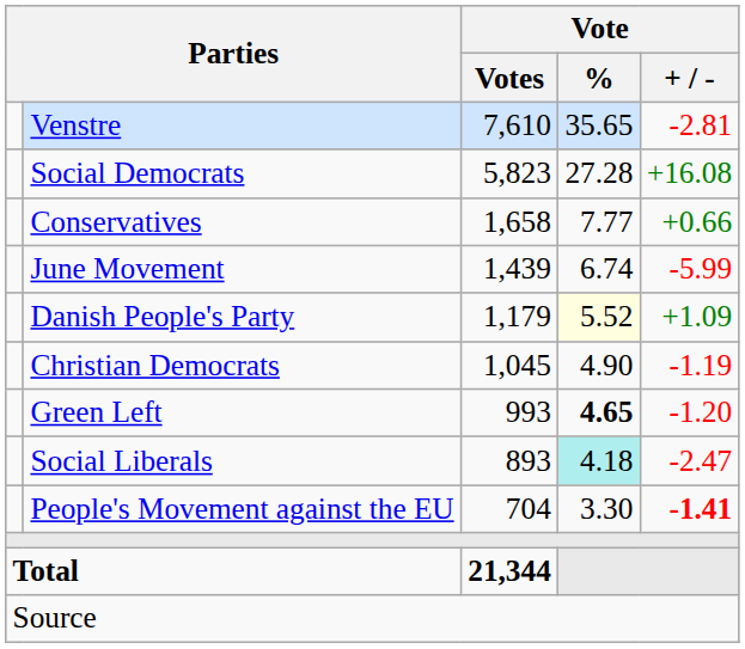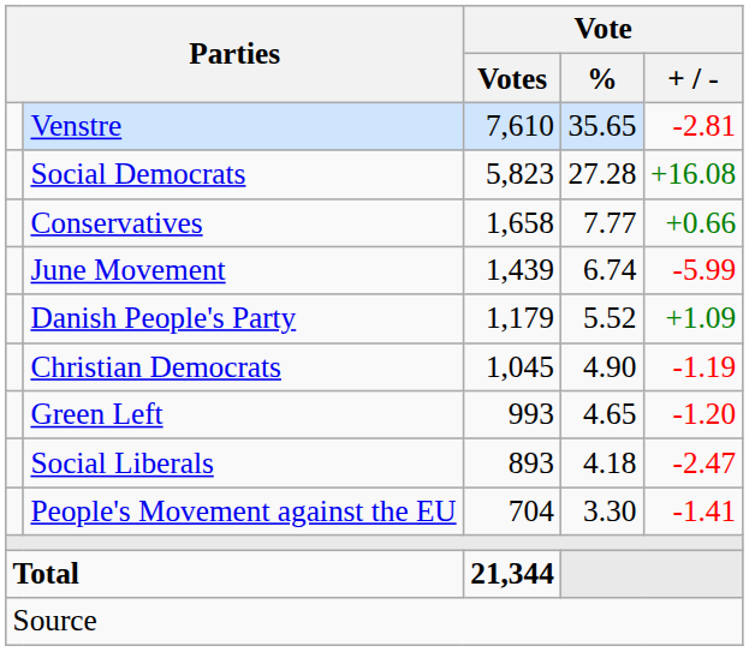 <table class="wikitable" style="text-align:right;">
 <tr>
 <th style="text-align:centre;" rowspan="2" colspan="2" width="225">Parties</th>
 <th colspan="3">Vote</th>
 </tr>
 <tr>
 <th width="15">Votes</th>
 <th width="15">%</th>
 <th width="15">+ / -</th>
 </tr>
 <tr>
 <td width="2" style="color:inherit;background:"></td>
 <td bgcolor=#cfe5fe   align="left"><a href='#'>Venstre</a></td>
 <td bgcolor=#cfe5fe>7,610</td>
 <td bgcolor=#cfe5fe>35.65</td>
 <td style=color:red;>-2.81</td>
 </tr>
 <tr>
 <td width="2" style="color:inherit;background:"></td>
 <td align="left"><a href='#'>Social Democrats</a></td>
 <td>5,823</td>
 <td>27.28</td>
 <td style=color:green;>+16.08</td>
 </tr>
 <tr>
 <td width="2" style="color:inherit;background:"></td>
 <td align="left"><a href='#'>Conservatives</a></td>
 <td>1,658</td>
 <td>7.77</td>
 <td style=color:green;>+0.66</td>
 </tr>
 <tr>
 <td width="2" style="color:inherit;background:"></td>
 <td align="left"><a href='#'>June Movement</a></td>
 <td>1,439</td>
 <td>6.74</td>
 <td style=color:red;>-5.99</td>
 </tr>
 <tr>
 <td width="2" style="color:inherit;background:"></td>
 <td align="left"><a href='#'>Danish People's Party</a></td>
 <td>1,179</td>
-<td style="background: lightyellow;">5.52</td>
+<td>5.52</td>
 <td style=color:green;>+1.09</td>
 </tr>
 <tr>
 <td width="2" style="color:inherit;background:"></td>
 <td align="left"><a href='#'>Christian Democrats</a></td>
 <td>1,045</td>
 <td>4.90</td>
 <td style=color:red;>-1.19</td>
 </tr>
 <tr>
 <td width="2" style="color:inherit;background:"></td>
 <td align="left"><a href='#'>Green Left</a></td>
 <td>993</td>
-<td><strong>4.65</strong></td>
+<td>4.65</td>
 <td style=color:red;>-1.20</td>
 </tr>
 <tr>
 <td width="2" style="color:inherit;background:"></td>
 <td align="left"><a href='#'>Social Liberals</a></td>
 <td>893</td>
-<td style="background: paleturquoise;">4.18</td>
+<td>4.18</td>
 <td style=color:red;>-2.47</td>
 </tr>
 <tr>
 <td width="2" style="color:inherit;background:"></td>
 <td align="left"><a href='#'>People's Movement against the EU</a></td>
 <td>704</td>
 <td>3.30</td>
-<td style=color:red;><strong>-1.41</strong></td>
+<td style=color:red;>-1.41</td>
 </tr>
 <tr>
 <td colspan="7" bgcolor="#E9E9E9"></td>
 </tr>
 <tr>
 <td align="left" colspan="2"><strong>Total</strong></td>
 <td><strong>21,344</strong></td>
 <td bgcolor="#E9E9E9" colspan="2"></td>
 </tr>
 <tr>
 <td align="left" colspan="6">Source</td>
 </tr>
 </table>
